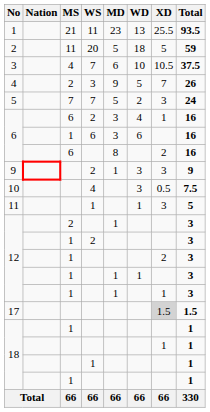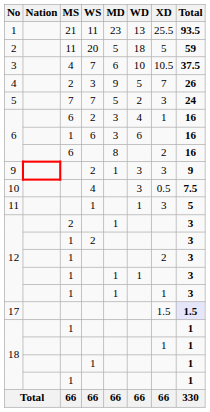 <table class="wikitable" style="text-align:center">
 <tr>
 <th>No</th>
 <th>Nation</th>
 <th>MS</th>
 <th>WS</th>
 <th>MD</th>
 <th>WD</th>
 <th>XD</th>
 <th>Total</th>
 </tr>
 <tr>
 <td>1</td>
 <td align=left></td>
 <td>21</td>
 <td>11</td>
 <td>23</td>
 <td>13</td>
 <td>25.5</td>
 <td><strong>93.5</strong></td>
 </tr>
 <tr>
 <td>2</td>
 <td align=left></td>
 <td>11</td>
 <td>20</td>
 <td>5</td>
 <td>18</td>
 <td>5</td>
 <td><strong>59</strong></td>
 </tr>
 <tr>
 <td>3</td>
 <td align=left></td>
 <td>4</td>
 <td>7</td>
 <td>6</td>
 <td>10</td>
 <td>10.5</td>
 <td><strong>37.5</strong></td>
 </tr>
 <tr>
 <td>4</td>
 <td align=left></td>
 <td>2</td>
 <td>3</td>
 <td>9</td>
 <td>5</td>
 <td>7</td>
 <td><strong>26</strong></td>
 </tr>
 <tr>
 <td>5</td>
 <td align=left></td>
 <td>7</td>
 <td>7</td>
 <td>5</td>
 <td>2</td>
 <td>3</td>
 <td><strong>24</strong></td>
 </tr>
 <tr>
 <td rowspan=3>6</td>
 <td align=left></td>
 <td>6</td>
 <td>2</td>
 <td>3</td>
 <td>4</td>
 <td>1</td>
 <td><strong>16</strong></td>
 </tr>
 <tr>
 <td align=left></td>
 <td>1</td>
 <td>6</td>
 <td>3</td>
 <td>6</td>
 <td></td>
 <td><strong>16</strong></td>
 </tr>
 <tr>
 <td align=left></td>
 <td>6</td>
 <td></td>
 <td>8</td>
 <td></td>
 <td>2</td>
 <td><strong>16</strong></td>
 </tr>
 <tr>
 <td>9</td>
 <td align=left style="border: 3px solid red"><strong></strong></td>
 <td></td>
 <td>2</td>
 <td>1</td>
 <td>3</td>
 <td>3</td>
 <td><strong>9</strong></td>
 </tr>
 <tr>
 <td>10</td>
 <td align=left></td>
 <td></td>
 <td>4</td>
 <td></td>
 <td>3</td>
 <td>0.5</td>
 <td><strong>7.5</strong></td>
 </tr>
 <tr>
 <td>11</td>
 <td align=left></td>
 <td></td>
 <td>1</td>
 <td></td>
 <td>1</td>
 <td>3</td>
 <td><strong>5</strong></td>
 </tr>
 <tr>
 <td rowspan=5>12</td>
 <td align=left></td>
 <td>2</td>
 <td></td>
 <td>1</td>
 <td></td>
 <td></td>
 <td><strong>3</strong></td>
 </tr>
 <tr>
 <td align=left></td>
 <td>1</td>
 <td>2</td>
 <td></td>
 <td></td>
 <td></td>
 <td><strong>3</strong></td>
 </tr>
 <tr>
 <td align=left></td>
 <td>1</td>
 <td></td>
 <td></td>
 <td></td>
 <td>2</td>
 <td><strong>3</strong></td>
 </tr>
 <tr>
 <td align=left></td>
 <td>1</td>
 <td></td>
 <td>1</td>
 <td>1</td>
 <td></td>
 <td><strong>3</strong></td>
 </tr>
 <tr>
 <td align=left></td>
 <td>1</td>
 <td></td>
 <td>1</td>
 <td></td>
 <td>1</td>
 <td><strong>3</strong></td>
 </tr>
 <tr>
 <td>17</td>
 <td align=left></td>
 <td></td>
 <td></td>
 <td></td>
 <td></td>
-<td style="background: lightgrey;">1.5</td>
-<td><strong>1.5</strong></td>
+<td>1.5</td>
+<td style="background: lavender;"><strong>1.5</strong></td>
 </tr>
 <tr>
 <td rowspan=4>18</td>
 <td align=left></td>
 <td>1</td>
 <td></td>
 <td></td>
 <td></td>
 <td></td>
 <td><strong>1</strong></td>
 </tr>
 <tr>
 <td align=left></td>
 <td></td>
 <td></td>
 <td></td>
 <td></td>
 <td>1</td>
 <td><strong>1</strong></td>
 </tr>
 <tr>
 <td align=left></td>
 <td></td>
 <td>1</td>
 <td></td>
 <td></td>
 <td></td>
 <td><strong>1</strong></td>
 </tr>
 <tr>
 <td align=left></td>
 <td>1</td>
 <td></td>
 <td></td>
 <td></td>
 <td></td>
 <td><strong>1</strong></td>
 </tr>
 <tr>
 <th colspan="2">Total</th>
 <th>66</th>
 <th>66</th>
 <th>66</th>
 <th>66</th>
 <th>66</th>
 <th>330</th>
 </tr>
 </table>
